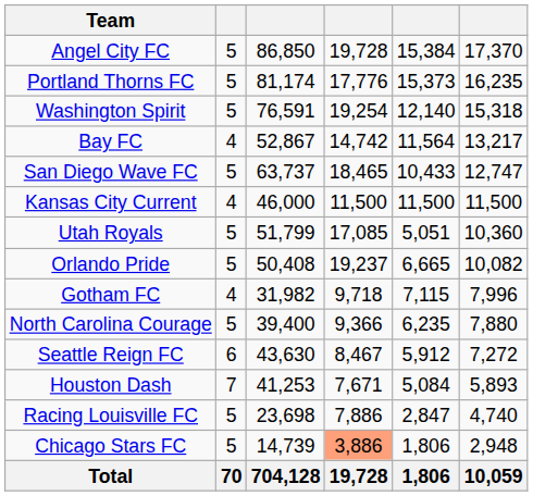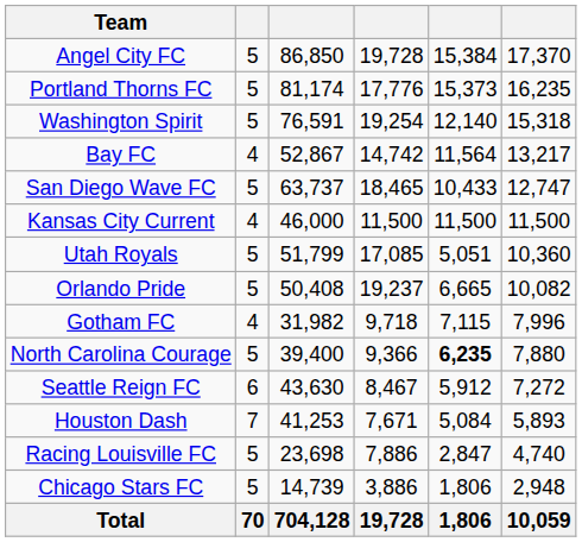 <table class="wikitable sortable" style="font-size: 95%;text-align: center;">
 <tr>
 <th scope="col">Team</th>
 <th scope="col"></th>
 <th scope="col"></th>
 <th scope="col"></th>
 <th scope="col"></th>
 <th scope="col"></th>
 </tr>
 <tr>
 <td><a href='#'>Angel City FC</a></td>
 <td>5</td>
 <td>86,850</td>
 <td>19,728</td>
 <td>15,384</td>
 <td>17,370</td>
 </tr>
 <tr>
 <td><a href='#'>Portland Thorns FC</a></td>
 <td>5</td>
 <td>81,174</td>
 <td>17,776</td>
 <td>15,373</td>
 <td>16,235</td>
 </tr>
 <tr>
 <td><a href='#'>Washington Spirit</a></td>
 <td>5</td>
 <td>76,591</td>
 <td>19,254</td>
 <td>12,140</td>
 <td>15,318</td>
 </tr>
 <tr>
 <td><a href='#'>Bay FC</a></td>
 <td>4</td>
 <td>52,867</td>
 <td>14,742</td>
 <td>11,564</td>
 <td>13,217</td>
 </tr>
 <tr>
 <td><a href='#'>San Diego Wave FC</a></td>
 <td>5</td>
 <td>63,737</td>
 <td>18,465</td>
 <td>10,433</td>
 <td>12,747</td>
 </tr>
 <tr>
 <td><a href='#'>Kansas City Current</a></td>
 <td>4</td>
 <td>46,000</td>
 <td>11,500</td>
 <td>11,500</td>
 <td>11,500</td>
 </tr>
 <tr>
 <td><a href='#'>Utah Royals</a></td>
 <td>5</td>
 <td>51,799</td>
 <td>17,085</td>
 <td>5,051</td>
 <td>10,360</td>
 </tr>
 <tr>
 <td><a href='#'>Orlando Pride</a></td>
 <td>5</td>
 <td>50,408</td>
 <td>19,237</td>
 <td>6,665</td>
 <td>10,082</td>
 </tr>
 <tr>
 <td><a href='#'>Gotham FC</a></td>
 <td>4</td>
 <td>31,982</td>
 <td>9,718</td>
 <td>7,115</td>
 <td>7,996</td>
 </tr>
 <tr>
 <td><a href='#'>North Carolina Courage</a></td>
 <td>5</td>
 <td>39,400</td>
 <td>9,366</td>
-<td>6,235</td>
+<td><strong>6,235</strong></td>
 <td>7,880</td>
 </tr>
 <tr>
 <td><a href='#'>Seattle Reign FC</a></td>
 <td>6</td>
 <td>43,630</td>
 <td>8,467</td>
 <td>5,912</td>
 <td>7,272</td>
 </tr>
 <tr>
 <td><a href='#'>Houston Dash</a></td>
 <td>7</td>
 <td>41,253</td>
 <td>7,671</td>
 <td>5,084</td>
 <td>5,893</td>
 </tr>
 <tr>
 <td><a href='#'>Racing Louisville FC</a></td>
 <td>5</td>
 <td>23,698</td>
 <td>7,886</td>
 <td>2,847</td>
 <td>4,740</td>
 </tr>
 <tr>
 <td><a href='#'>Chicago Stars FC</a></td>
 <td>5</td>
 <td>14,739</td>
-<td style="background: lightsalmon;">3,886</td>
+<td>3,886</td>
 <td>1,806</td>
 <td>2,948</td>
 </tr>
 <tr>
 <th scope="row">Total</th>
 <th>70</th>
 <th>704,128</th>
 <th>19,728</th>
 <th>1,806</th>
 <th>10,059</th>
 </tr>
 </table>
